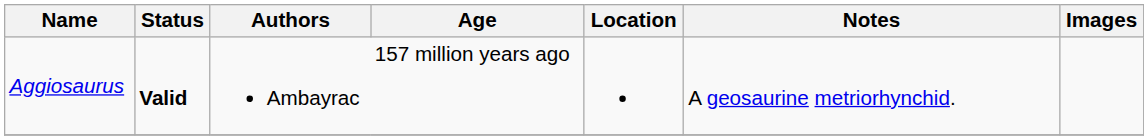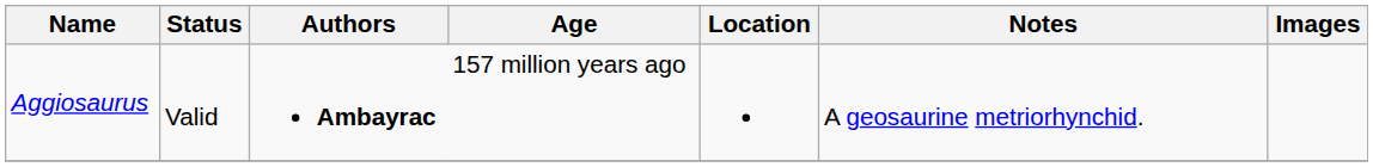 <table class="wikitable sortable" align="center" width="100%">
 <tr>
 <th>Name</th>
 <th>Status</th>
 <th>Authors</th>
 <th>Age</th>
 <th>Location</th>
 <th width="33%" class="unsortable">Notes</th>
 <th class="unsortable">Images</th>
 </tr>
 <tr>
 <td><em><a href='#'>Aggiosaurus</a></em></td>
-<td><strong><br>Valid</strong></td>
-<td style="border-right:0px" valign="top"><br><ul><li>Ambayrac</li></ul></td>
+<td><br>Valid</td>
+<td style="border-right:0px" valign="top"><strong><br><ul><li>Ambayrac</li></ul></strong></td>
 <td style="border-left:0px" valign="top">157 million years ago</td>
 <td><br><ul><li></li></ul></td>
 <td><br>A <a href='#'>geosaurine</a> <a href='#'>metriorhynchid</a>.</td>
 <td></td>
 </tr>
 <tr>
 </tr>
 </table>
